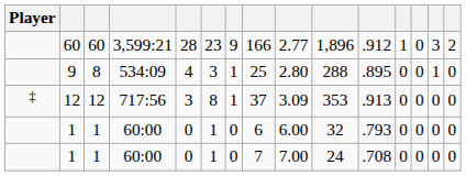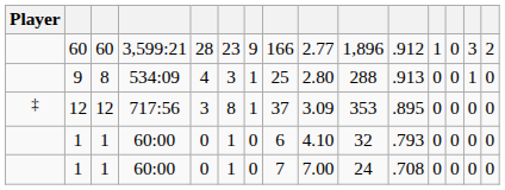 <table class="wikitable sortable" style="text-align:center;">
 <tr>
 <th>Player</th>
 <th></th>
 <th></th>
 <th></th>
 <th></th>
 <th></th>
 <th></th>
 <th></th>
 <th></th>
 <th></th>
 <th></th>
 <th></th>
 <th></th>
 <th></th>
 <th></th>
 </tr>
 <tr>
 <td></td>
 <td>60</td>
 <td>60</td>
 <td>3,599:21</td>
 <td>28</td>
 <td>23</td>
 <td>9</td>
 <td>166</td>
 <td>2.77</td>
 <td>1,896</td>
 <td>.912</td>
 <td>1</td>
 <td>0</td>
 <td>3</td>
 <td>2</td>
 </tr>
 <tr>
 <td></td>
 <td>9</td>
 <td>8</td>
 <td>534:09</td>
 <td>4</td>
 <td>3</td>
 <td>1</td>
 <td>25</td>
 <td>2.80</td>
 <td>288</td>
-<td>.895</td>
+<td>.913</td>
 <td>0</td>
 <td>0</td>
 <td>1</td>
 <td>0</td>
 </tr>
 <tr>
 <td><sup>‡</sup></td>
 <td>12</td>
 <td>12</td>
 <td>717:56</td>
 <td>3</td>
 <td>8</td>
 <td>1</td>
 <td>37</td>
 <td>3.09</td>
 <td>353</td>
-<td>.913</td>
+<td>.895</td>
 <td>0</td>
 <td>0</td>
 <td>0</td>
 <td>0</td>
 </tr>
 <tr>
 <td></td>
 <td>1</td>
 <td>1</td>
 <td>60:00</td>
 <td>0</td>
 <td>1</td>
 <td>0</td>
 <td>6</td>
-<td>6.00</td>
+<td>4.10</td>
 <td>32</td>
 <td>.793</td>
 <td>0</td>
 <td>0</td>
 <td>0</td>
 <td>0</td>
 </tr>
 <tr>
 <td></td>
 <td>1</td>
 <td>1</td>
 <td>60:00</td>
 <td>0</td>
 <td>1</td>
 <td>0</td>
 <td>7</td>
 <td>7.00</td>
 <td>24</td>
 <td>.708</td>
 <td>0</td>
 <td>0</td>
 <td>0</td>
 <td>0</td>
 </tr>
 </table>
